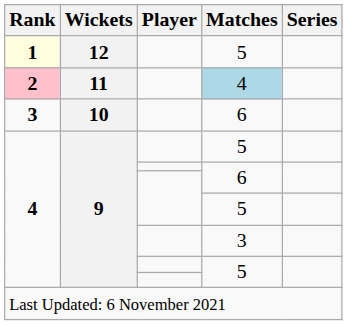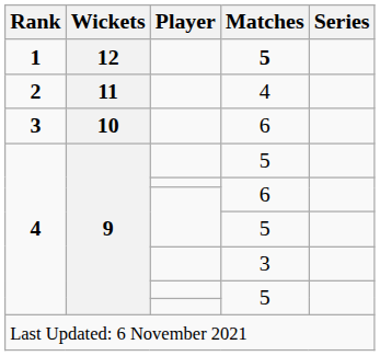 <table class="wikitable plainrowheaders sortable">
 <tr>
 <th scope=col>Rank</th>
 <th scope=col>Wickets</th>
 <th scope=col>Player</th>
 <th scope=col>Matches</th>
 <th scope=col>Series</th>
 </tr>
 <tr>
-<td align=center style="background: lightyellow;"><strong>1</strong></td>
+<td align=center><strong>1</strong></td>
 <th scope=row style=text-align:center;>12</th>
 <td></td>
-<td align=center>5</td>
+<td align=center><strong>5</strong></td>
 <td></td>
 </tr>
 <tr>
-<td align=center style="background: pink;"><strong>2</strong></td>
+<td align=center><strong>2</strong></td>
 <th scope=row style=text-align:center;>11</th>
 <td></td>
-<td align=center style="background: lightblue;">4</td>
+<td align=center>4</td>
 <td></td>
 </tr>
 <tr>
 <td align=center><strong>3</strong></td>
 <th scope=row style=text-align:center;>10</th>
 <td></td>
 <td align=center>6</td>
 <td></td>
 </tr>
 <tr>
 <td align=center rowspan=7><strong>4</strong></td>
 <th scope=row style=text-align:center; rowspan=7>9</th>
 <td></td>
 <td align=center>5</td>
 <td></td>
 </tr>
 <tr>
 <td></td>
 <td align=center rowspan=2>6</td>
 <td rowspan=2></td>
 </tr>
 <tr>
 <td rowspan=2></td>
 </tr>
 <tr>
 <td align=center>5</td>
 <td></td>
 </tr>
 <tr>
 <td></td>
 <td align=center>3</td>
 <td></td>
 </tr>
 <tr>
 <td></td>
 <td align=center rowspan=2>5</td>
 <td rowspan=2></td>
 </tr>
 <tr>
 <td></td>
 </tr>
 <tr class=sortbottom>
 <td colspan=5><small>Last Updated: 6 November 2021</small></td>
 </tr>
 </table>
